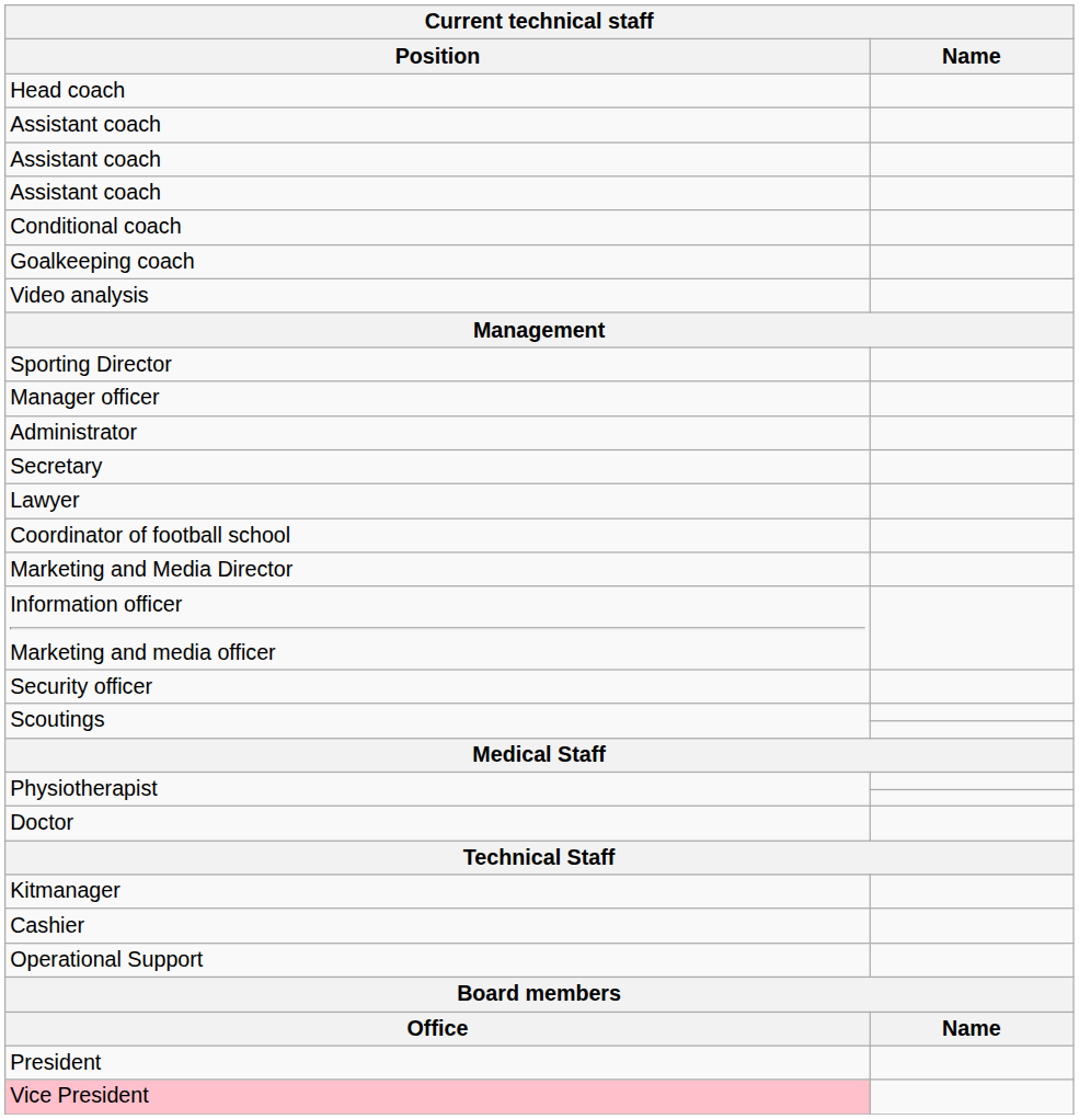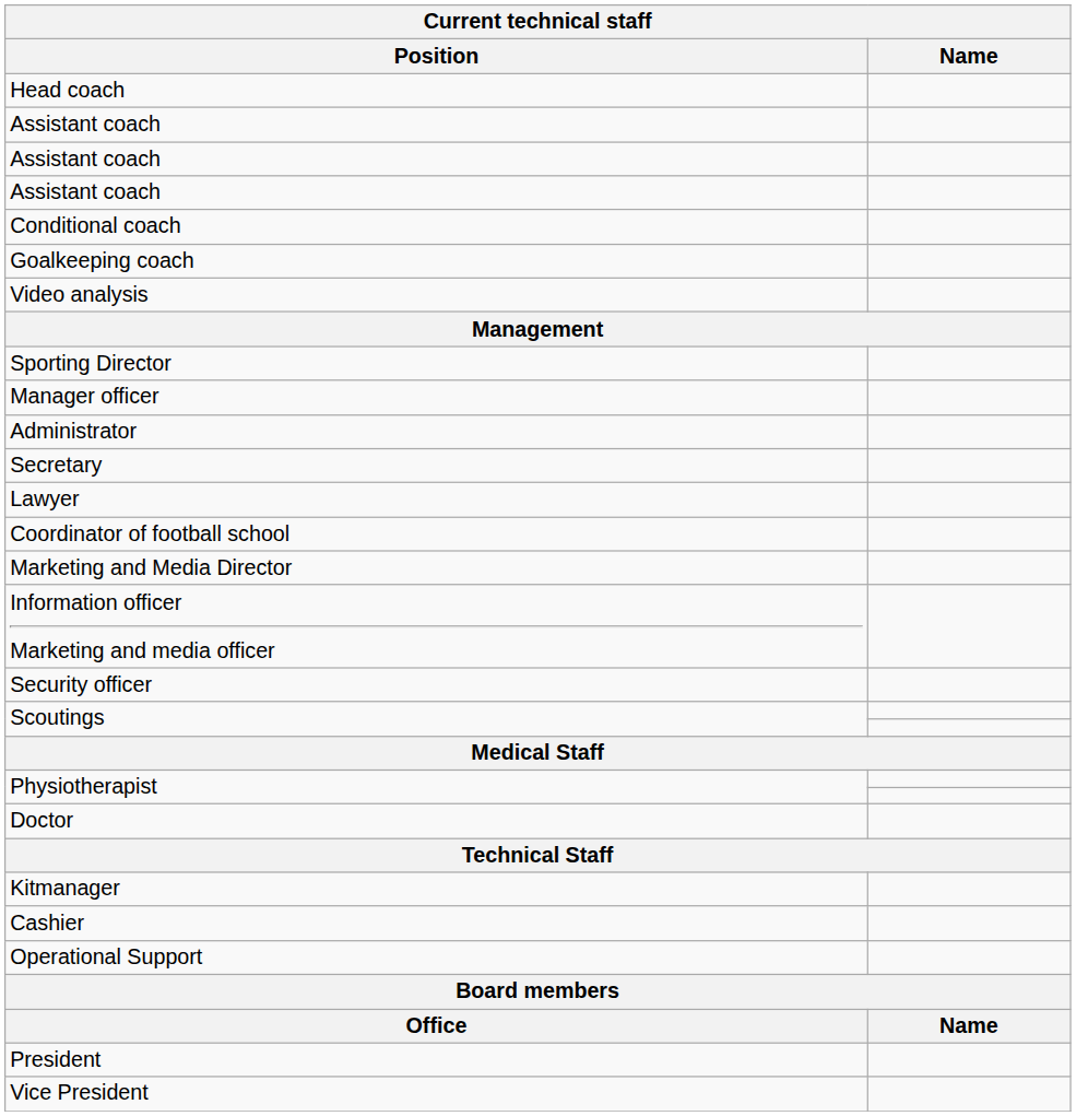 <table class="wikitable" width=40% style="text-align:left;font-size:100%;">
 <tr>
 <th colspan="2">Current technical staff</th>
 </tr>
 <tr>
 <th>Position</th>
 <th>Name</th>
 </tr>
 <tr>
 <td>Head coach</td>
 <td> </td>
 </tr>
 <tr>
 <td>Assistant coach</td>
 <td> </td>
 </tr>
 <tr>
 <td>Assistant coach</td>
 <td> </td>
 </tr>
 <tr>
 <td>Assistant coach</td>
 <td> </td>
 </tr>
 <tr>
 <td>Conditional coach</td>
 <td> </td>
 </tr>
 <tr>
 <td>Goalkeeping coach</td>
 <td> </td>
 </tr>
 <tr>
 <td>Video analysis</td>
 <td> </td>
 </tr>
 <tr>
 <th colspan="2">Management</th>
 </tr>
 <tr>
 <td>Sporting Director</td>
 <td> </td>
 </tr>
 <tr>
 <td>Manager officer</td>
 <td> </td>
 </tr>
 <tr>
 <td>Administrator</td>
 <td> </td>
 </tr>
 <tr>
 <td>Secretary</td>
 <td> </td>
 </tr>
 <tr>
 <td>Lawyer</td>
 <td> </td>
 </tr>
 <tr>
 <td>Coordinator of football school</td>
 <td> </td>
 </tr>
 <tr>
 <td>Marketing and Media Director</td>
 <td> </td>
 </tr>
 <tr>
 <td>Information officer<hr>Marketing and media officer</td>
 <td> </td>
 </tr>
 <tr>
 <td>Security officer</td>
 <td> </td>
 </tr>
 <tr>
 <td rowspan="2">Scoutings</td>
 <td> </td>
 </tr>
 <tr>
 <td> </td>
 </tr>
 <tr>
 <th colspan="2">Medical Staff</th>
 </tr>
 <tr>
 <td rowspan="2">Physiotherapist</td>
 <td> </td>
 </tr>
 <tr>
 <td> </td>
 </tr>
 <tr>
 <td>Doctor</td>
 <td> </td>
 </tr>
 <tr>
 <th colspan="3">Technical Staff</th>
 </tr>
 <tr>
 <td>Kitmanager</td>
 <td> </td>
 </tr>
 <tr>
 <td>Cashier</td>
 <td> </td>
 </tr>
 <tr>
 <td>Operational Support</td>
 <td> </td>
 </tr>
 <tr>
 <th colspan="2">Board members</th>
 </tr>
 <tr>
 <th>Office</th>
 <th>Name</th>
 </tr>
 <tr>
 <td>President</td>
 <td> </td>
 </tr>
 <tr>
-<td style="background: pink;">Vice President</td>
+<td>Vice President</td>
 <td> </td>
 </tr>
 </table>
